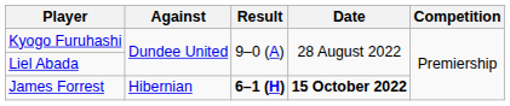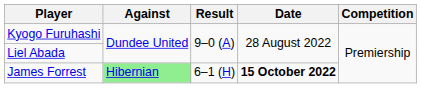 <table class="wikitable sortable">
 <tr>
 <th>Player</th>
 <th>Against</th>
 <th>Result</th>
 <th>Date</th>
 <th>Competition</th>
 </tr>
 <tr>
 <td> <a href='#'>Kyogo Furuhashi</a></td>
 <td rowspan="2"> <a href='#'>Dundee United</a></td>
 <td align=center rowspan=2>9–0 (<a href='#'>A</a>)</td>
 <td align=center rowspan=2>28 August 2022</td>
 <td align=center rowspan=3>Premiership</td>
 </tr>
 <tr>
 <td> <a href='#'>Liel Abada</a></td>
 </tr>
 <tr>
 <td> <a href='#'>James Forrest</a></td>
-<td> <a href='#'>Hibernian</a></td>
-<td align=center><strong>6–1 (<a href='#'>H</a>)</strong></td>
+<td style="background: lightgreen;"> <a href='#'>Hibernian</a></td>
+<td align=center>6–1 (<a href='#'>H</a>)</td>
 <td align=center><strong>15 October 2022</strong></td>
 </tr>
 </table>
